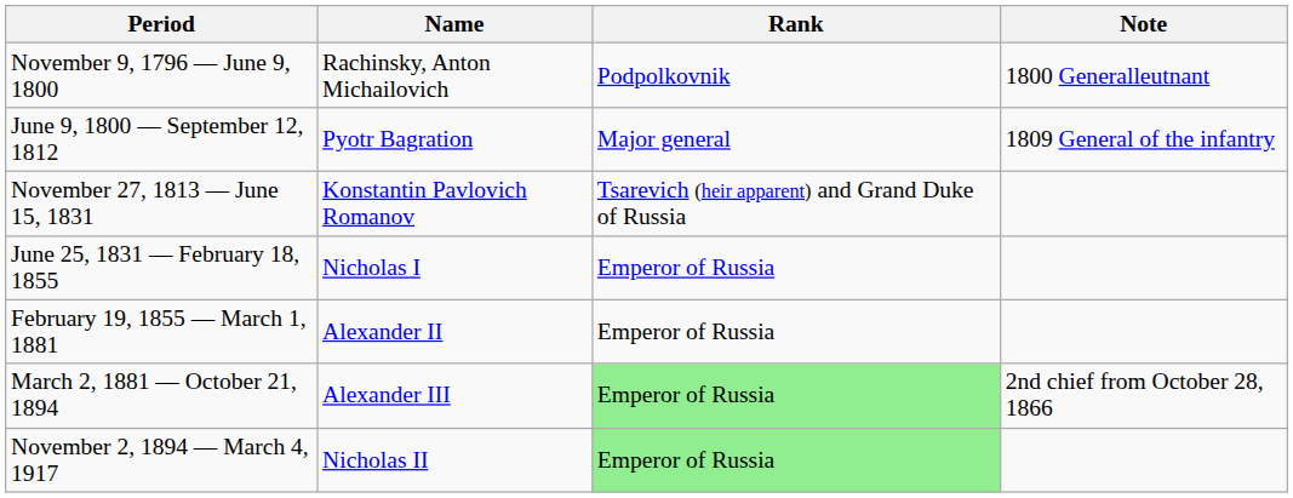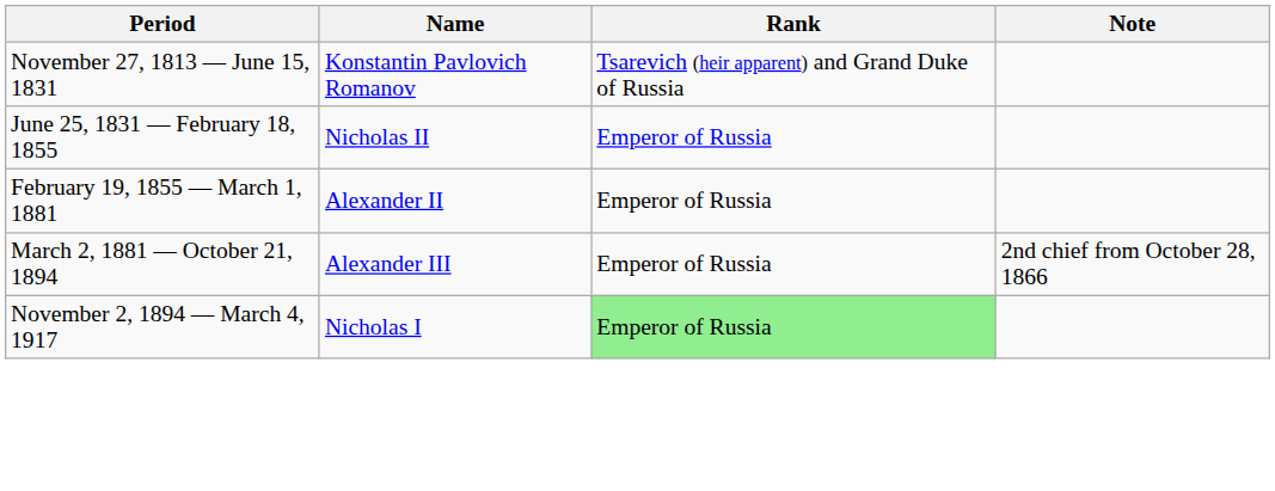 <table class=wikitable>
 <tr>
 <th>Period</th>
 <th>Name</th>
 <th>Rank</th>
 <th>Note</th>
-</tr>
-<tr 1>
-<td>November 9, 1796 — June 9, 1800</td>
-<td>Rachinsky, Anton Michailovich</td>
-<td><a href='#'>Podpolkovnik</a></td>
-<td>1800 <a href='#'>Generalleutnant</a></td>
-</tr>
-<tr 2>
-<td>June 9, 1800 — September 12, 1812</td>
-<td><a href='#'>Pyotr Bagration</a></td>
-<td><a href='#'>Major general</a></td>
-<td>1809 <a href='#'>General of the infantry</a></td>
 </tr>
 <tr 3>
 <td>November 27, 1813 — June 15, 1831</td>
 <td><a href='#'>Konstantin Pavlovich Romanov</a></td>
 <td><a href='#'>Tsarevich</a> <small>(<a href='#'>heir apparent</a>)</small> and Grand Duke of Russia</td>
 <td></td>
 </tr>
 <tr 4>
 <td>June 25, 1831 — February 18, 1855</td>
-<td><a href='#'>Nicholas I</a></td>
+<td><a href='#'>Nicholas II</a></td>
 <td><a href='#'> Emperor of Russia</a></td>
 </tr>
 <tr 5>
 <td>February 19, 1855 — March 1, 1881</td>
 <td><a href='#'>Alexander II</a></td>
 <td>Emperor of Russia</td>
 <td></td>
 </tr>
 <tr 6>
 <td>March 2, 1881 — October 21, 1894</td>
 <td><a href='#'>Alexander III</a></td>
-<td style="background: lightgreen;">Emperor of Russia</td>
+<td>Emperor of Russia</td>
 <td>2nd chief from October 28, 1866</td>
 </tr>
 <tr 7>
 <td>November 2, 1894 — March 4, 1917</td>
-<td><a href='#'>Nicholas II</a></td>
+<td><a href='#'>Nicholas I</a></td>
 <td style="background: lightgreen;">Emperor of Russia</td>
 </tr>
 </table>
